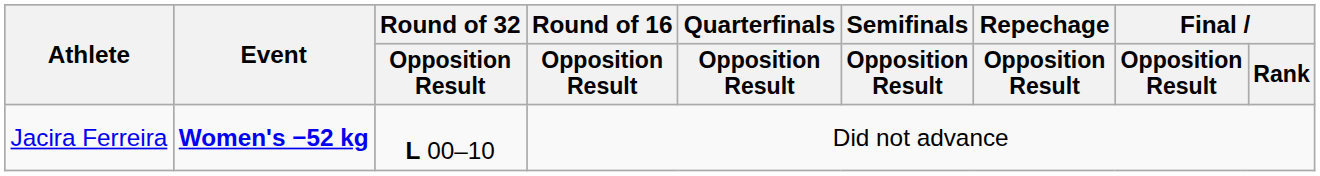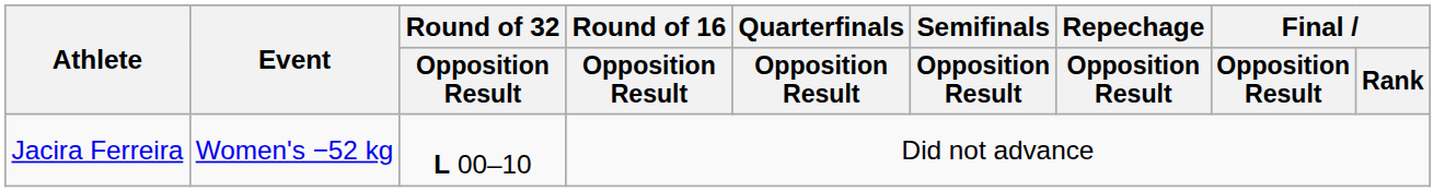 <table class="wikitable" style="font-size:90%">
 <tr>
 <th rowspan="2">Athlete</th>
 <th rowspan="2">Event</th>
 <th>Round of 32</th>
 <th>Round of 16</th>
 <th>Quarterfinals</th>
 <th>Semifinals</th>
 <th>Repechage</th>
 <th colspan=2>Final / </th>
 </tr>
 <tr style="font-size:95%">
 <th>Opposition<br>Result</th>
 <th>Opposition<br>Result</th>
 <th>Opposition<br>Result</th>
 <th>Opposition<br>Result</th>
 <th>Opposition<br>Result</th>
 <th>Opposition<br>Result</th>
 <th>Rank</th>
 </tr>
 <tr align=center>
 <td align=left><a href='#'>Jacira Ferreira</a></td>
-<td align=left><strong><a href='#'>Women's −52 kg</a></strong></td>
+<td align=left><a href='#'>Women's −52 kg</a></td>
 <td><br><strong>L</strong> 00–10</td>
 <td colspan=6>Did not advance</td>
 </tr>
 </table>
